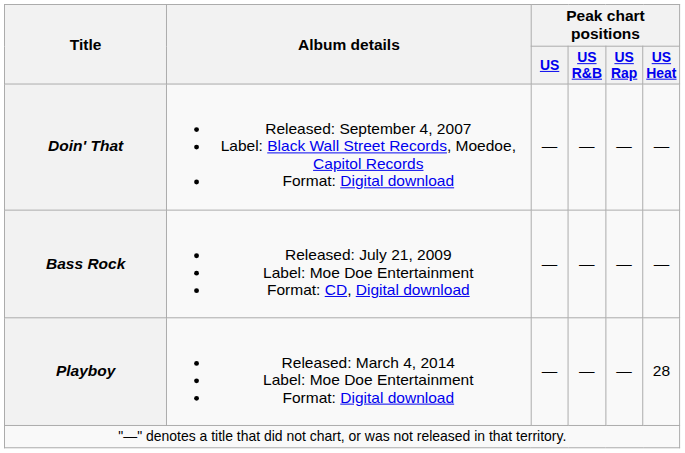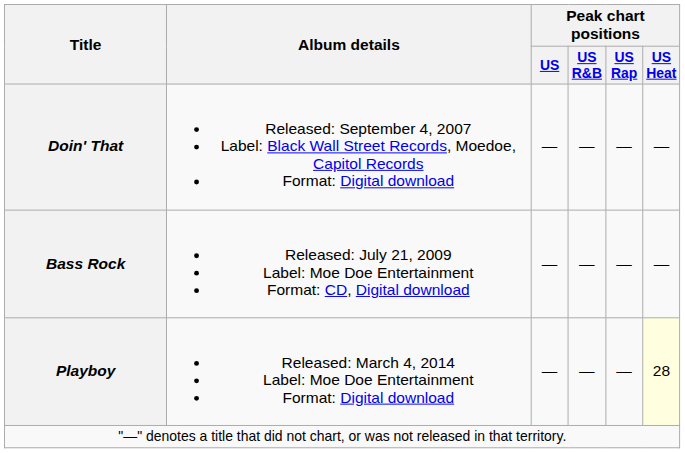 <table class="wikitable plainrowheaders" style="text-align:center;">
 <tr>
 <th scope="col" rowspan="2" style="width:10em;">Title</th>
 <th scope="col" rowspan="2" style="width:23em;">Album details</th>
 <th scope="col" colspan="4">Peak chart positions</th>
 </tr>
 <tr>
 <th scope="col" style="width:2.2em;font-size:90%;"><a href='#'>US</a></th>
 <th scope="col" style="width:2.2em;font-size:90%;"><a href='#'>US R&B</a></th>
 <th scope="col" style="width:2.2em;font-size:90%;"><a href='#'>US Rap</a></th>
 <th scope="col" style="width:2.2em;font-size:90%;"><a href='#'>US Heat</a></th>
 </tr>
 <tr>
 <th scope="row"><em>Doin' That</em></th>
 <td><br><ul><li>Released: September 4, 2007</li><li>Label: <a href='#'>Black Wall Street Records</a>, Moedoe, <a href='#'>Capitol Records</a></li><li>Format: <a href='#'>Digital download</a></li></ul></td>
 <td>—</td>
 <td>—</td>
 <td>—</td>
 <td>—</td>
 </tr>
 <tr>
 <th scope="row"><em>Bass Rock</em></th>
 <td><br><ul><li>Released: July 21, 2009</li><li>Label: Moe Doe Entertainment</li><li>Format: <a href='#'>CD</a>, <a href='#'>Digital download</a></li></ul></td>
 <td>—</td>
 <td>—</td>
 <td>—</td>
 <td>—</td>
 </tr>
 <tr>
 <th scope="row"><em>Playboy</em></th>
 <td><br><ul><li>Released: March 4, 2014</li><li>Label: Moe Doe Entertainment</li><li>Format: <a href='#'>Digital download</a></li></ul></td>
 <td>—</td>
 <td>—</td>
 <td>—</td>
-<td>28</td>
+<td style="background: lightyellow;">28</td>
 </tr>
 <tr>
 <td colspan="14" style="font-size:90%">"—" denotes a title that did not chart, or was not released in that territory.</td>
 </tr>
 </table>
